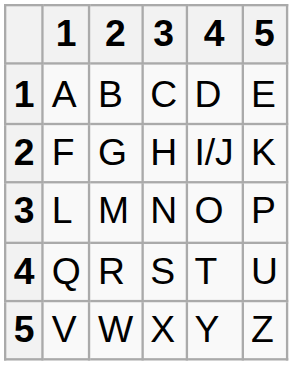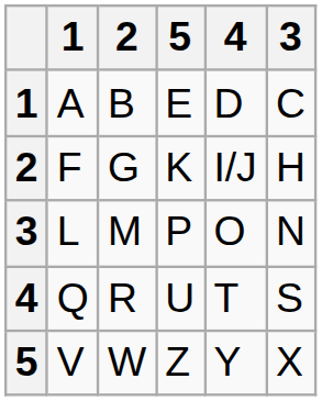 <table class="wikitable">
 <tr>
 <th></th>
 <th>1</th>
 <th>2</th>
+<th>5</th>
+<th>4</th>
 <th>3</th>
-<th>4</th>
-<th>5</th>
 </tr>
 <tr>
 <th>1</th>
 <td>A</td>
 <td>B</td>
+<td>E</td>
+<td>D</td>
 <td>C</td>
-<td>D</td>
-<td>E</td>
 </tr>
 <tr>
 <th>2</th>
 <td>F</td>
 <td>G</td>
+<td>K</td>
+<td>I/J</td>
 <td>H</td>
-<td>I/J</td>
-<td>K</td>
 </tr>
 <tr>
 <th>3</th>
 <td>L</td>
 <td>M</td>
+<td>P</td>
+<td>O</td>
 <td>N</td>
-<td>O</td>
-<td>P</td>
 </tr>
 <tr>
 <th>4</th>
 <td>Q</td>
 <td>R</td>
+<td>U</td>
+<td>T</td>
 <td>S</td>
-<td>T</td>
-<td>U</td>
 </tr>
 <tr>
 <th>5</th>
 <td>V</td>
 <td>W</td>
+<td>Z</td>
+<td>Y</td>
 <td>X</td>
-<td>Y</td>
-<td>Z</td>
 </tr>
 </table>
